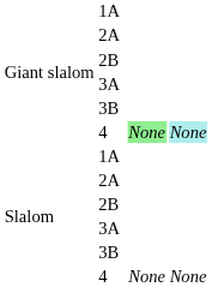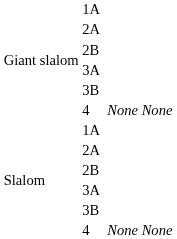 <table>
 <tr>
 <td rowspan="6">Giant slalom</td>
 <td>1A<br></td>
 <td></td>
 <td></td>
 <td></td>
 </tr>
 <tr>
 <td>2A<br></td>
 <td></td>
 <td></td>
 <td></td>
 </tr>
 <tr>
 <td>2B<br></td>
 <td></td>
 <td></td>
 <td></td>
 </tr>
 <tr>
 <td>3A<br></td>
 <td></td>
 <td></td>
 <td></td>
 </tr>
 <tr>
 <td>3B<br></td>
 <td></td>
 <td></td>
 <td></td>
 </tr>
 <tr>
 <td>4<br></td>
 <td></td>
-<td align="center" style="background: lightgreen;"><em>None</em></td>
-<td align="center" style="background: paleturquoise;"><em>None</em></td>
+<td align="center"><em>None</em></td>
+<td align="center"><em>None</em></td>
 </tr>
 <tr>
 <td rowspan="6">Slalom</td>
 <td>1A<br></td>
 <td></td>
 <td></td>
 <td></td>
 </tr>
 <tr>
 <td>2A<br></td>
 <td></td>
 <td></td>
 <td></td>
 </tr>
 <tr>
 <td>2B<br></td>
 <td></td>
 <td></td>
 <td></td>
 </tr>
 <tr>
 <td>3A<br></td>
 <td></td>
 <td></td>
 <td></td>
 </tr>
 <tr>
 <td>3B<br></td>
 <td></td>
 <td></td>
 <td></td>
 </tr>
 <tr>
 <td>4<br></td>
 <td></td>
 <td align="center"><em>None</em></td>
 <td align="center"><em>None</em></td>
 </tr>
 </table>
